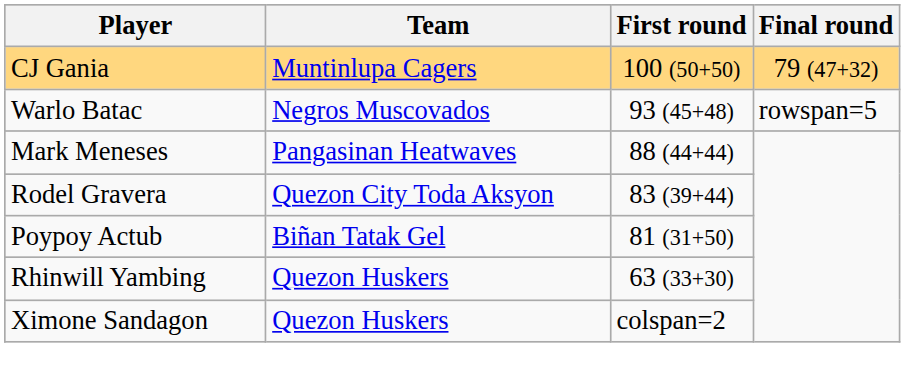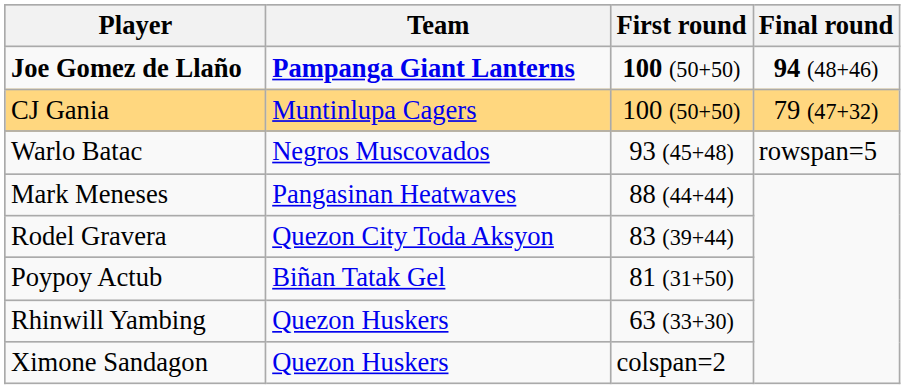 <table class="wikitable">
 <tr>
 <th width=150>Player</th>
 <th width=200>Team</th>
 <th>First round</th>
 <th>Final round</th>
+</tr>
+<tr>
+<td><strong>Joe Gomez de Llaño</strong></td>
+<td><strong><a href='#'>Pampanga Giant Lanterns</a></strong></td>
+<td align=center><strong>100</strong> <small>(50+50)</small></td>
+<td align=center><strong>94</strong> <small>(48+46)</small></td>
 </tr>
 <tr bgcolor=#FFD77F>
 <td>CJ Gania</td>
 <td><a href='#'>Muntinlupa Cagers</a></td>
 <td align=center>100 <small>(50+50)</small></td>
 <td align=center>79 <small>(47+32)</small></td>
 </tr>
 <tr>
 <td>Warlo Batac</td>
 <td><a href='#'>Negros Muscovados</a></td>
 <td align=center>93 <small>(45+48)</small></td>
 <td>rowspan=5 </td>
 </tr>
 <tr>
 <td>Mark Meneses</td>
 <td><a href='#'>Pangasinan Heatwaves</a></td>
 <td align=center>88 <small>(44+44)</small></td>
 </tr>
 <tr>
 <td>Rodel Gravera</td>
 <td><a href='#'>Quezon City Toda Aksyon</a></td>
 <td align=center>83 <small>(39+44)</small></td>
 </tr>
 <tr>
 <td>Poypoy Actub</td>
 <td><a href='#'>Biñan Tatak Gel</a></td>
 <td align=center>81 <small>(31+50)</small></td>
 </tr>
 <tr>
 <td>Rhinwill Yambing</td>
 <td><a href='#'>Quezon Huskers</a></td>
 <td align=center>63 <small>(33+30)</small></td>
 </tr>
 <tr>
 <td>Ximone Sandagon</td>
 <td><a href='#'>Quezon Huskers</a></td>
 <td>colspan=2 </td>
 </tr>
 </table>
